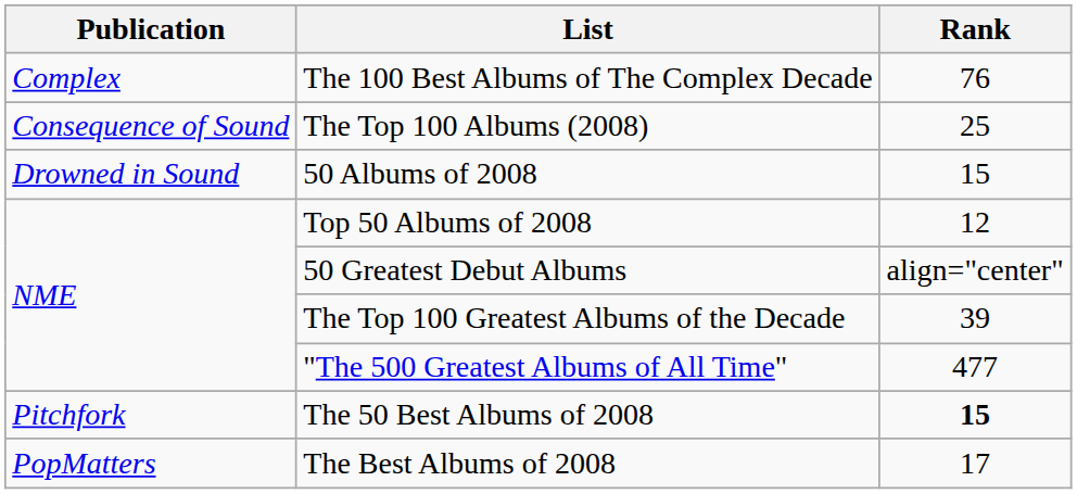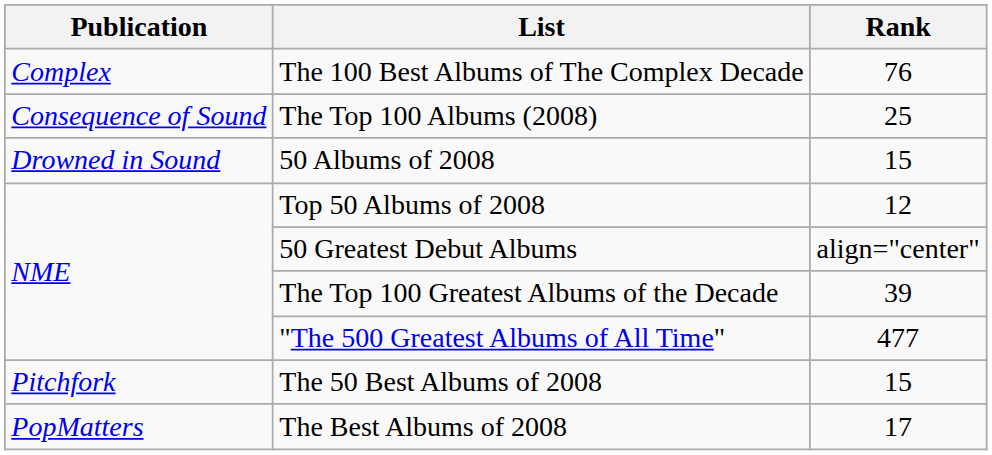 <table class="wikitable sortable">
 <tr>
 <th>Publication</th>
 <th>List</th>
 <th>Rank</th>
 </tr>
 <tr>
 <td><em><a href='#'>Complex</a></em></td>
 <td>The 100 Best Albums of The Complex Decade</td>
 <td align="center">76</td>
 </tr>
 <tr>
 <td><em><a href='#'>Consequence of Sound</a></em></td>
 <td>The Top 100 Albums (2008)</td>
 <td align="center">25</td>
 </tr>
 <tr>
 <td><em><a href='#'>Drowned in Sound</a></em></td>
 <td>50 Albums of 2008</td>
 <td align="center">15</td>
 </tr>
 <tr>
 <td rowspan="4"><em><a href='#'>NME</a></em></td>
 <td>Top 50 Albums of 2008</td>
 <td align="center">12</td>
 </tr>
 <tr>
 <td>50 Greatest Debut Albums</td>
 <td>align="center" </td>
 </tr>
 <tr>
 <td>The Top 100 Greatest Albums of the Decade</td>
 <td align="center">39</td>
 </tr>
 <tr>
 <td>"<a href='#'>The 500 Greatest Albums of All Time</a>"</td>
 <td align="center">477</td>
 </tr>
 <tr>
 <td><em><a href='#'>Pitchfork</a></em></td>
 <td>The 50 Best Albums of 2008</td>
-<td align="center"><strong>15</strong></td>
+<td align="center">15</td>
 </tr>
 <tr>
 <td><em><a href='#'>PopMatters</a></em></td>
 <td>The Best Albums of 2008</td>
 <td align="center">17</td>
 </tr>
 </table>
